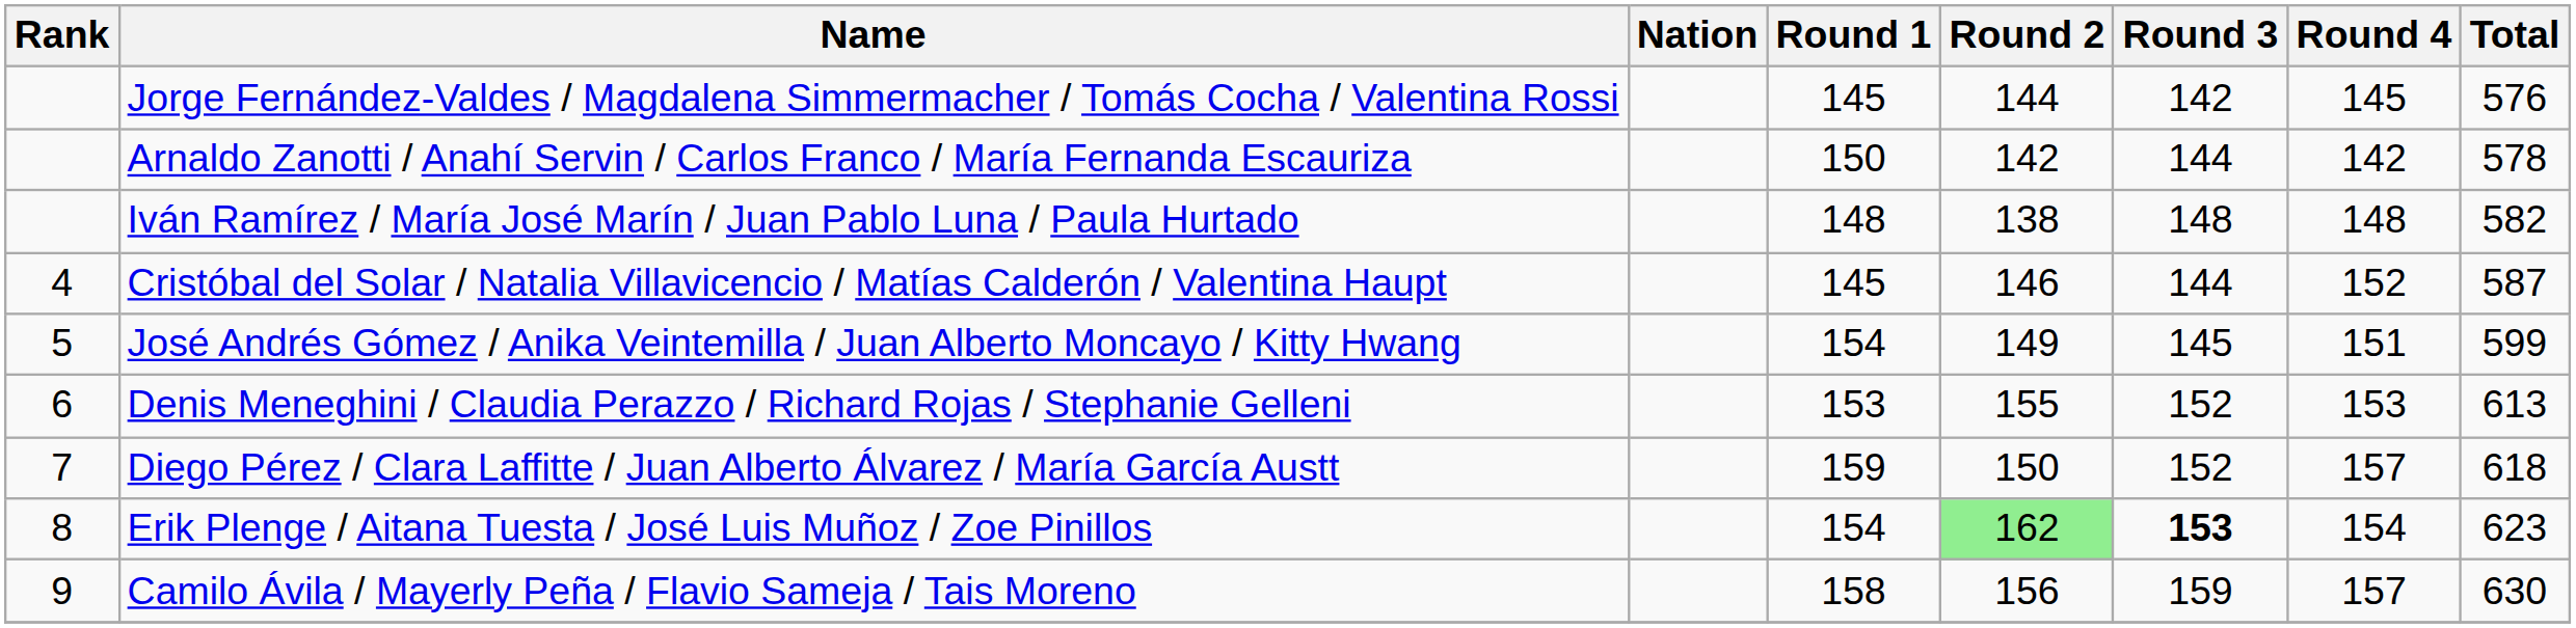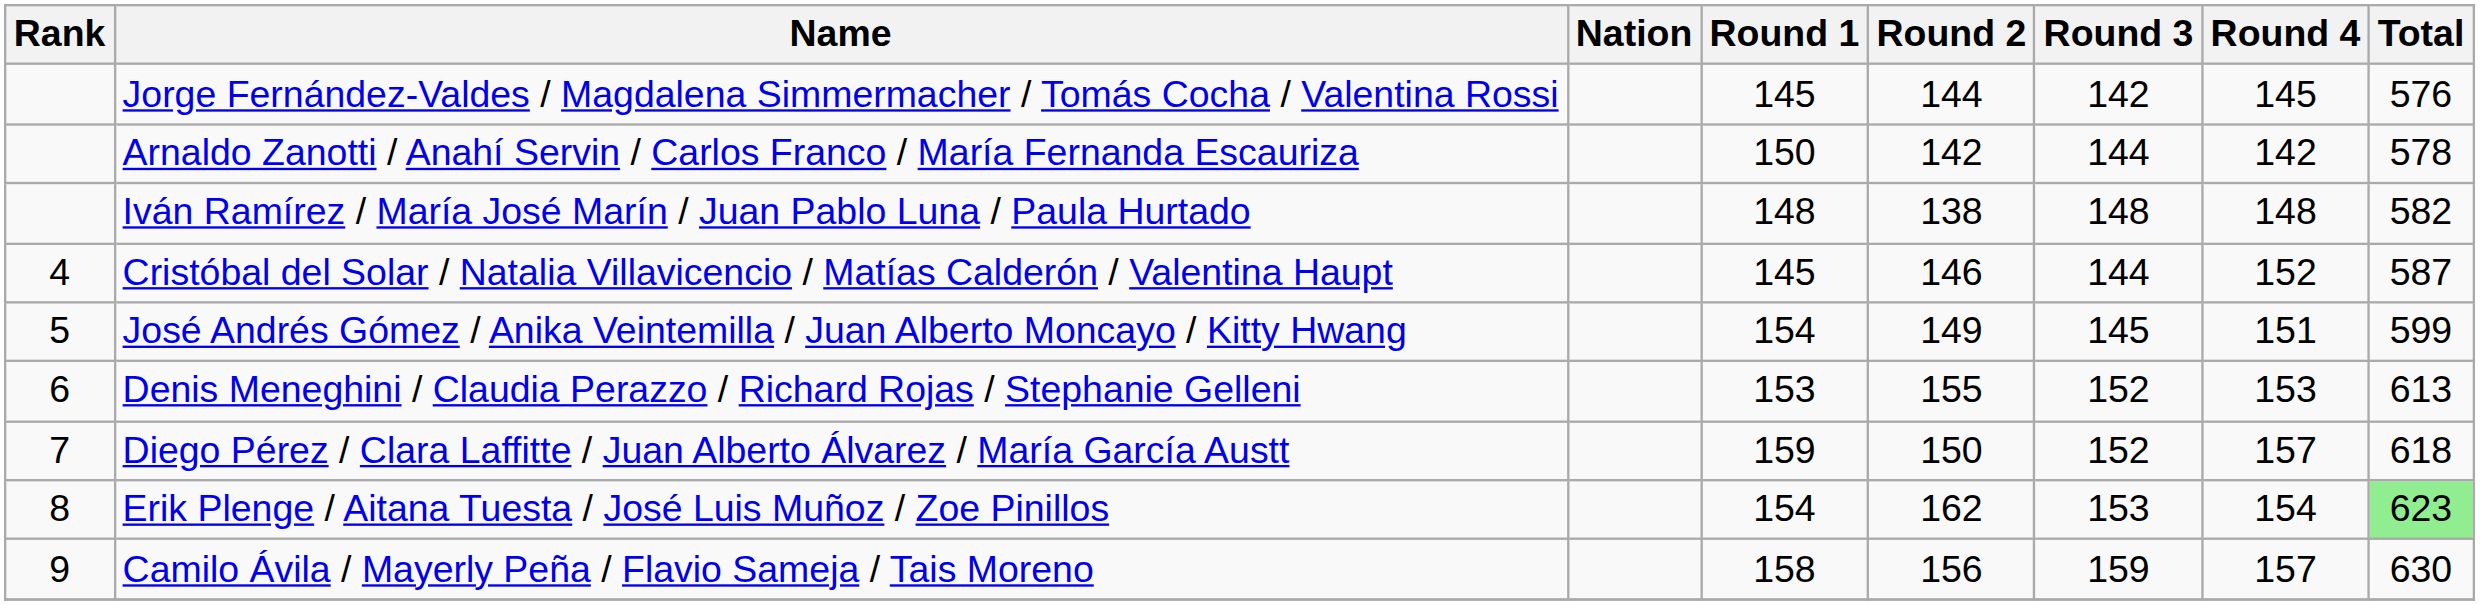 <table class="wikitable sortable" style="text-align:center">
 <tr>
 <th>Rank</th>
 <th>Name</th>
 <th>Nation</th>
 <th>Round 1</th>
 <th>Round 2</th>
 <th>Round 3</th>
 <th>Round 4</th>
 <th>Total</th>
 </tr>
 <tr>
 <td></td>
 <td align=left><a href='#'>Jorge Fernández-Valdes</a> / <a href='#'>Magdalena Simmermacher</a> / <a href='#'>Tomás Cocha</a> / <a href='#'>Valentina Rossi</a></td>
 <td align=left></td>
 <td>145</td>
 <td>144</td>
 <td>142</td>
 <td>145</td>
 <td>576</td>
 </tr>
 <tr>
 <td></td>
 <td align=left><a href='#'>Arnaldo Zanotti</a> / <a href='#'>Anahí Servin</a> / <a href='#'>Carlos Franco</a> / <a href='#'>María Fernanda Escauriza</a></td>
 <td align=left></td>
 <td>150</td>
 <td>142</td>
 <td>144</td>
 <td>142</td>
 <td>578</td>
 </tr>
 <tr>
 <td></td>
 <td align=left><a href='#'>Iván Ramírez</a> / <a href='#'>María José Marín</a> / <a href='#'>Juan Pablo Luna</a> / <a href='#'>Paula Hurtado</a></td>
 <td align=left></td>
 <td>148</td>
 <td>138</td>
 <td>148</td>
 <td>148</td>
 <td>582</td>
 </tr>
 <tr>
 <td>4</td>
 <td align=left><a href='#'>Cristóbal del Solar</a> / <a href='#'>Natalia Villavicencio</a> / <a href='#'>Matías Calderón</a> / <a href='#'>Valentina Haupt</a></td>
 <td align=left></td>
 <td>145</td>
 <td>146</td>
 <td>144</td>
 <td>152</td>
 <td>587</td>
 </tr>
 <tr>
 <td>5</td>
 <td align=left><a href='#'>José Andrés Gómez</a> / <a href='#'>Anika Veintemilla</a> / <a href='#'>Juan Alberto Moncayo</a> / <a href='#'>Kitty Hwang</a></td>
 <td align=left></td>
 <td>154</td>
 <td>149</td>
 <td>145</td>
 <td>151</td>
 <td>599</td>
 </tr>
 <tr>
 <td>6</td>
 <td align=left><a href='#'>Denis Meneghini</a> / <a href='#'>Claudia Perazzo</a> / <a href='#'>Richard Rojas</a> / <a href='#'>Stephanie Gelleni</a></td>
 <td align=left></td>
 <td>153</td>
 <td>155</td>
 <td>152</td>
 <td>153</td>
 <td>613</td>
 </tr>
 <tr>
 <td>7</td>
 <td align=left><a href='#'>Diego Pérez</a> / <a href='#'>Clara Laffitte</a> / <a href='#'>Juan Alberto Álvarez</a> / <a href='#'>María García Austt</a></td>
 <td align=left></td>
 <td>159</td>
 <td>150</td>
 <td>152</td>
 <td>157</td>
 <td>618</td>
 </tr>
 <tr>
 <td>8</td>
 <td align=left><a href='#'>Erik Plenge</a> / <a href='#'>Aitana Tuesta</a> / <a href='#'>José Luis Muñoz</a> / <a href='#'>Zoe Pinillos</a></td>
 <td align=left></td>
 <td>154</td>
-<td style="background: lightgreen;">162</td>
-<td><strong>153</strong></td>
+<td>162</td>
+<td>153</td>
 <td>154</td>
-<td>623</td>
+<td style="background: lightgreen;">623</td>
 </tr>
 <tr>
 <td>9</td>
 <td align=left><a href='#'>Camilo Ávila</a> / <a href='#'>Mayerly Peña</a> / <a href='#'>Flavio Sameja</a> / <a href='#'>Tais Moreno</a></td>
 <td align=left></td>
 <td>158</td>
 <td>156</td>
 <td>159</td>
 <td>157</td>
 <td>630</td>
 </tr>
 <tr>
 </tr>
 </table>
